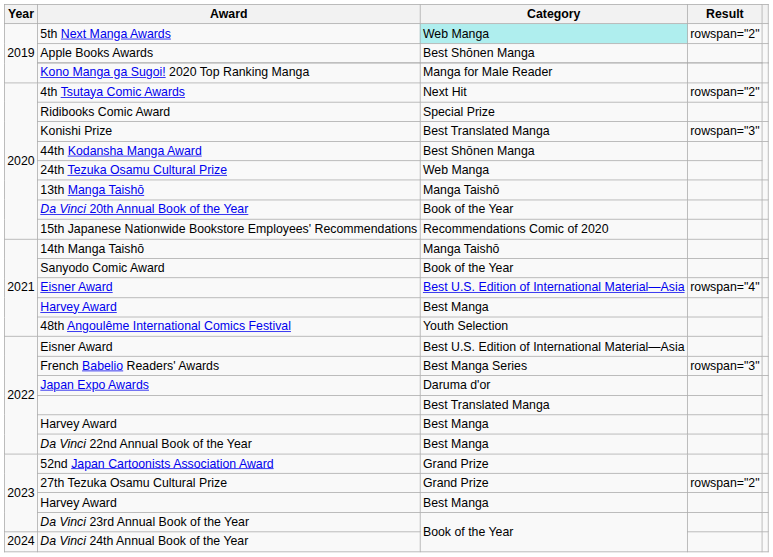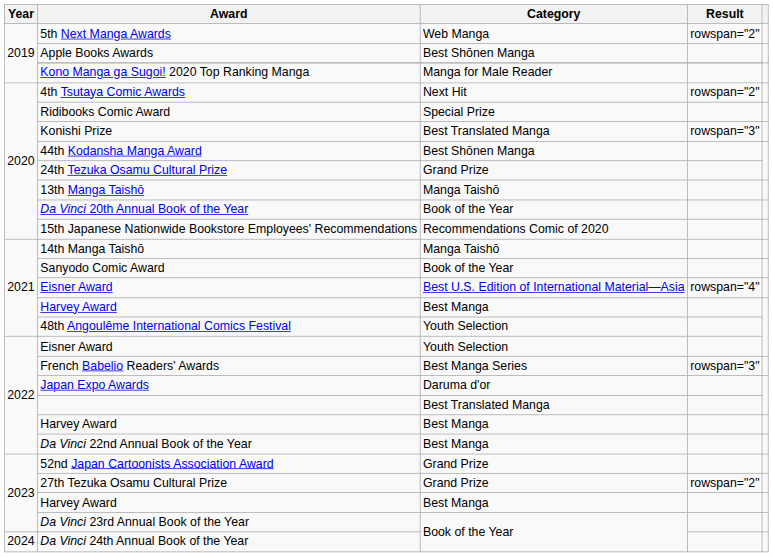 <table class="wikitable plainrowheaders sortable">
 <tr>
 <th scope="col">Year</th>
 <th scope="col">Award</th>
 <th scope="col">Category</th>
 <th scope="col">Result</th>
 <th scope="col" class="unsortable"></th>
 </tr>
 <tr>
 <td rowspan="4" align="center">2019</td>
 <td>5th <a href='#'>Next Manga Awards</a></td>
-<td style="background: paleturquoise;">Web Manga</td>
+<td>Web Manga</td>
 <td>rowspan="2" </td>
 <td style="text-align:center;"></td>
 </tr>
 <tr>
 <td>Apple Books Awards</td>
 <td>Best Shōnen Manga</td>
 <td style="text-align:center;"></td>
 </tr>
 <tr>
 </tr>
 <tr>
 <td><a href='#'>Kono Manga ga Sugoi!</a> 2020 Top Ranking Manga</td>
 <td>Manga for Male Reader</td>
 <td></td>
 <td style="text-align:center;"></td>
 </tr>
 <tr>
 <td rowspan="8" align="center">2020</td>
 <td>4th <a href='#'>Tsutaya Comic Awards</a></td>
 <td>Next Hit</td>
 <td>rowspan="2" </td>
 <td style="text-align:center;"></td>
 </tr>
 <tr>
 <td>Ridibooks Comic Award</td>
 <td>Special Prize</td>
 <td style="text-align:center;"></td>
 </tr>
 <tr>
 <td>Konishi Prize</td>
 <td>Best Translated Manga</td>
 <td>rowspan="3" </td>
 <td style="text-align:center;"></td>
 </tr>
 <tr>
 <td>44th <a href='#'>Kodansha Manga Award</a></td>
 <td>Best Shōnen Manga</td>
 <td style="text-align:center;"></td>
 </tr>
 <tr>
 <td>24th <a href='#'>Tezuka Osamu Cultural Prize</a></td>
-<td>Web Manga</td>
+<td>Grand Prize</td>
 <td style="text-align:center;"></td>
 </tr>
 <tr>
 <td>13th <a href='#'>Manga Taishō</a></td>
 <td>Manga Taishō</td>
 <td></td>
 <td style="text-align:center;"></td>
 </tr>
 <tr>
 <td><a href='#'><em>Da Vinci</em> 20th Annual Book of the Year</a></td>
 <td>Book of the Year</td>
 <td></td>
 <td style="text-align:center;"></td>
 </tr>
 <tr>
 <td>15th Japanese Nationwide Bookstore Employees' Recommendations</td>
 <td>Recommendations Comic of 2020</td>
 <td></td>
 <td style="text-align:center;"></td>
 </tr>
 <tr>
 <td rowspan="5" align="center">2021</td>
 <td>14th Manga Taishō</td>
 <td>Manga Taishō</td>
 <td></td>
 <td style="text-align:center;"></td>
 </tr>
 <tr>
 <td>Sanyodo Comic Award</td>
 <td>Book of the Year</td>
 <td></td>
 <td style="text-align:center;"></td>
 </tr>
 <tr>
 <td><a href='#'>Eisner Award</a></td>
 <td><a href='#'>Best U.S. Edition of International Material—Asia</a></td>
 <td>rowspan="4" </td>
 <td style="text-align:center;"></td>
 </tr>
 <tr>
 <td><a href='#'>Harvey Award</a></td>
 <td>Best Manga</td>
 <td style="text-align:center;"></td>
 </tr>
 <tr>
 <td>48th <a href='#'>Angoulême International Comics Festival</a></td>
 <td>Youth Selection</td>
 <td style="text-align:center;"></td>
 </tr>
 <tr>
 <td rowspan="6" align="center">2022</td>
 <td>Eisner Award</td>
-<td>Best U.S. Edition of International Material—Asia</td>
+<td>Youth Selection</td>
 <td style="text-align:center;"></td>
 </tr>
 <tr>
 <td>French <a href='#'>Babelio</a> Readers' Awards</td>
 <td>Best Manga Series</td>
 <td>rowspan="3" </td>
 <td style="text-align:center;"></td>
 </tr>
 <tr>
 <td><a href='#'>Japan Expo Awards</a></td>
 <td>Daruma d'or</td>
 <td style="text-align:center;"></td>
 </tr>
 <tr>
 <td></td>
 <td>Best Translated Manga</td>
 <td style="text-align:center;"></td>
 </tr>
 <tr>
 <td>Harvey Award</td>
 <td>Best Manga</td>
 <td></td>
 <td style="text-align:center;"></td>
 </tr>
 <tr>
 <td><em>Da Vinci</em> 22nd Annual Book of the Year</td>
 <td>Best Manga</td>
 <td></td>
 <td style="text-align:center;"></td>
 </tr>
 <tr>
 <td rowspan="4" align="center">2023</td>
 <td>52nd <a href='#'>Japan Cartoonists Association Award</a></td>
 <td>Grand Prize</td>
 <td></td>
 <td style="text-align:center;"></td>
 </tr>
 <tr>
 <td>27th Tezuka Osamu Cultural Prize</td>
 <td>Grand Prize</td>
 <td>rowspan="2" </td>
 <td style="text-align:center;"></td>
 </tr>
 <tr>
 <td>Harvey Award</td>
 <td>Best Manga</td>
 <td style="text-align:center;"></td>
 </tr>
 <tr>
 <td><em>Da Vinci</em> 23rd Annual Book of the Year</td>
 <td rowspan="2">Book of the Year</td>
 <td></td>
 <td style="text-align:center;"></td>
 </tr>
 <tr>
 <td align="center">2024</td>
 <td><em>Da Vinci</em> 24th Annual Book of the Year</td>
 <td></td>
 <td style="text-align:center;"></td>
 </tr>
 </table>
